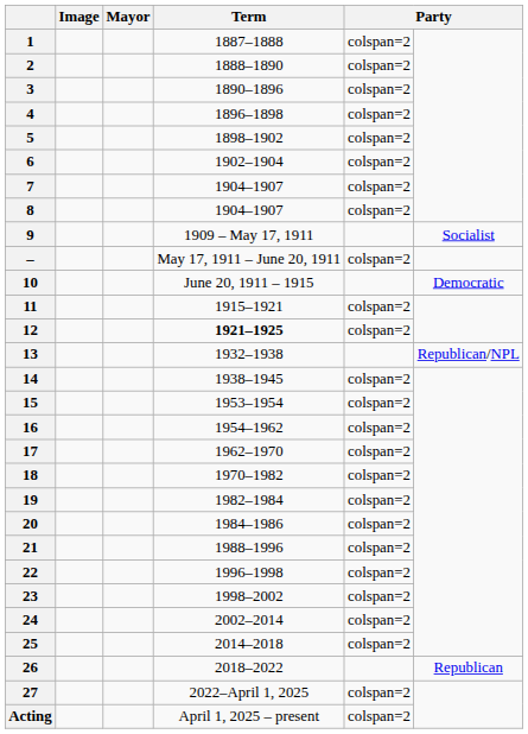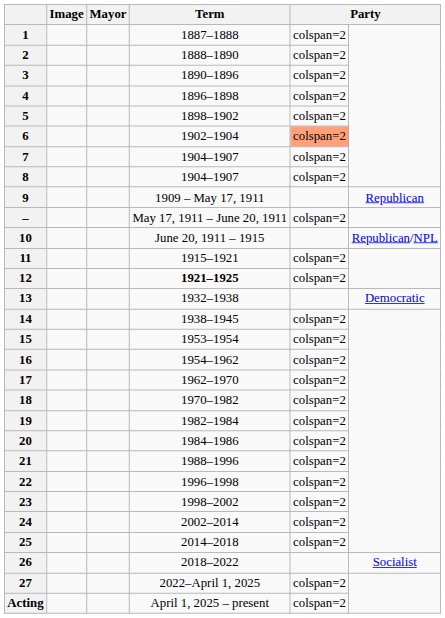 <table class="wikitable sortable" style="text-align:center">
 <tr>
 <th></th>
 <th class=unsortable>Image</th>
 <th>Mayor</th>
 <th class=unsortable>Term</th>
 <th colspan=2>Party</th>
 </tr>
 <tr>
 <th scope=row>1</th>
 <td></td>
 <td></td>
 <td>1887–1888</td>
 <td>colspan=2 </td>
 </tr>
 <tr>
 <th scope=row>2</th>
 <td></td>
 <td></td>
 <td>1888–1890</td>
 <td>colspan=2 </td>
 </tr>
 <tr>
 <th scope=row>3</th>
 <td></td>
 <td></td>
 <td>1890–1896</td>
 <td>colspan=2 </td>
 </tr>
 <tr>
 <th scope=row>4</th>
 <td></td>
 <td></td>
 <td>1896–1898</td>
 <td>colspan=2 </td>
 </tr>
 <tr>
 <th scope=row>5</th>
 <td></td>
 <td></td>
 <td>1898–1902</td>
 <td>colspan=2 </td>
 </tr>
 <tr>
 <th scope=row>6</th>
 <td></td>
 <td></td>
 <td>1902–1904</td>
-<td>colspan=2 </td>
+<td style="background: lightsalmon;">colspan=2 </td>
 </tr>
 <tr>
 <th scope=row>7</th>
 <td></td>
 <td></td>
 <td>1904–1907</td>
 <td>colspan=2 </td>
 </tr>
 <tr>
 <th scope=row>8</th>
 <td></td>
 <td></td>
 <td>1904–1907</td>
 <td>colspan=2 </td>
 </tr>
 <tr>
 <th scope=row>9</th>
 <td></td>
 <td></td>
 <td>1909 – May 17, 1911</td>
 <td bgcolor=></td>
-<td><a href='#'>Socialist</a></td>
+<td><a href='#'>Republican</a></td>
 </tr>
 <tr>
 <th scope=row>–</th>
 <td></td>
 <td></td>
 <td>May 17, 1911 – June 20, 1911</td>
 <td>colspan=2 </td>
 </tr>
 <tr>
 <th scope=row>10</th>
 <td></td>
 <td></td>
 <td>June 20, 1911 – 1915</td>
 <td bgcolor=></td>
-<td><a href='#'>Democratic</a></td>
+<td><a href='#'>Republican</a>/<a href='#'>NPL</a></td>
 </tr>
 <tr>
 <th scope=row>11</th>
 <td></td>
 <td></td>
 <td>1915–1921</td>
 <td>colspan=2 </td>
 </tr>
 <tr>
 <th scope=row>12</th>
 <td></td>
 <td></td>
 <td><strong>1921–1925</strong></td>
 <td>colspan=2 </td>
 </tr>
 <tr>
 <th scope=row>13</th>
 <td></td>
 <td></td>
 <td>1932–1938</td>
 <td bgcolor=></td>
-<td><a href='#'>Republican</a>/<a href='#'>NPL</a></td>
+<td><a href='#'>Democratic</a></td>
 </tr>
 <tr>
 <th scope=row>14</th>
 <td></td>
 <td></td>
 <td>1938–1945</td>
 <td>colspan=2 </td>
 </tr>
 <tr>
 <th scope=row>15</th>
 <td></td>
 <td></td>
 <td>1953–1954</td>
 <td>colspan=2 </td>
 </tr>
 <tr>
 <th scope=row>16</th>
 <td></td>
 <td></td>
 <td>1954–1962</td>
 <td>colspan=2 </td>
 </tr>
 <tr>
 <th scope=row>17</th>
 <td></td>
 <td></td>
 <td>1962–1970</td>
 <td>colspan=2 </td>
 </tr>
 <tr>
 <th scope=row>18</th>
 <td></td>
 <td></td>
 <td>1970–1982</td>
 <td>colspan=2 </td>
 </tr>
 <tr>
 <th scope=row>19</th>
 <td></td>
 <td></td>
 <td>1982–1984</td>
 <td>colspan=2 </td>
 </tr>
 <tr>
 <th scope=row>20</th>
 <td></td>
 <td></td>
 <td>1984–1986</td>
 <td>colspan=2 </td>
 </tr>
 <tr>
 <th scope=row>21</th>
 <td></td>
 <td></td>
 <td>1988–1996</td>
 <td>colspan=2 </td>
 </tr>
 <tr>
 <th scope=row>22</th>
 <td></td>
 <td></td>
 <td>1996–1998</td>
 <td>colspan=2 </td>
 </tr>
 <tr>
 <th scope=row>23</th>
 <td></td>
 <td></td>
 <td>1998–2002</td>
 <td>colspan=2 </td>
 </tr>
 <tr>
 <th scope=row>24</th>
 <td></td>
 <td></td>
 <td>2002–2014</td>
 <td>colspan=2 </td>
 </tr>
 <tr>
 <th scope=row>25</th>
 <td></td>
 <td></td>
 <td>2014–2018</td>
 <td>colspan=2 </td>
 </tr>
 <tr>
 <th scope=row>26</th>
 <td></td>
 <td></td>
 <td>2018–2022</td>
 <td bgcolor=></td>
-<td><a href='#'>Republican</a></td>
+<td><a href='#'>Socialist</a></td>
 </tr>
 <tr>
 <th scope=row>27</th>
 <td></td>
 <td></td>
 <td>2022–April 1, 2025</td>
 <td>colspan=2 </td>
 </tr>
 <tr>
 <th scope=row>Acting</th>
 <td></td>
 <td></td>
 <td>April 1, 2025 – present</td>
 <td>colspan=2 </td>
 </tr>
 </table>
